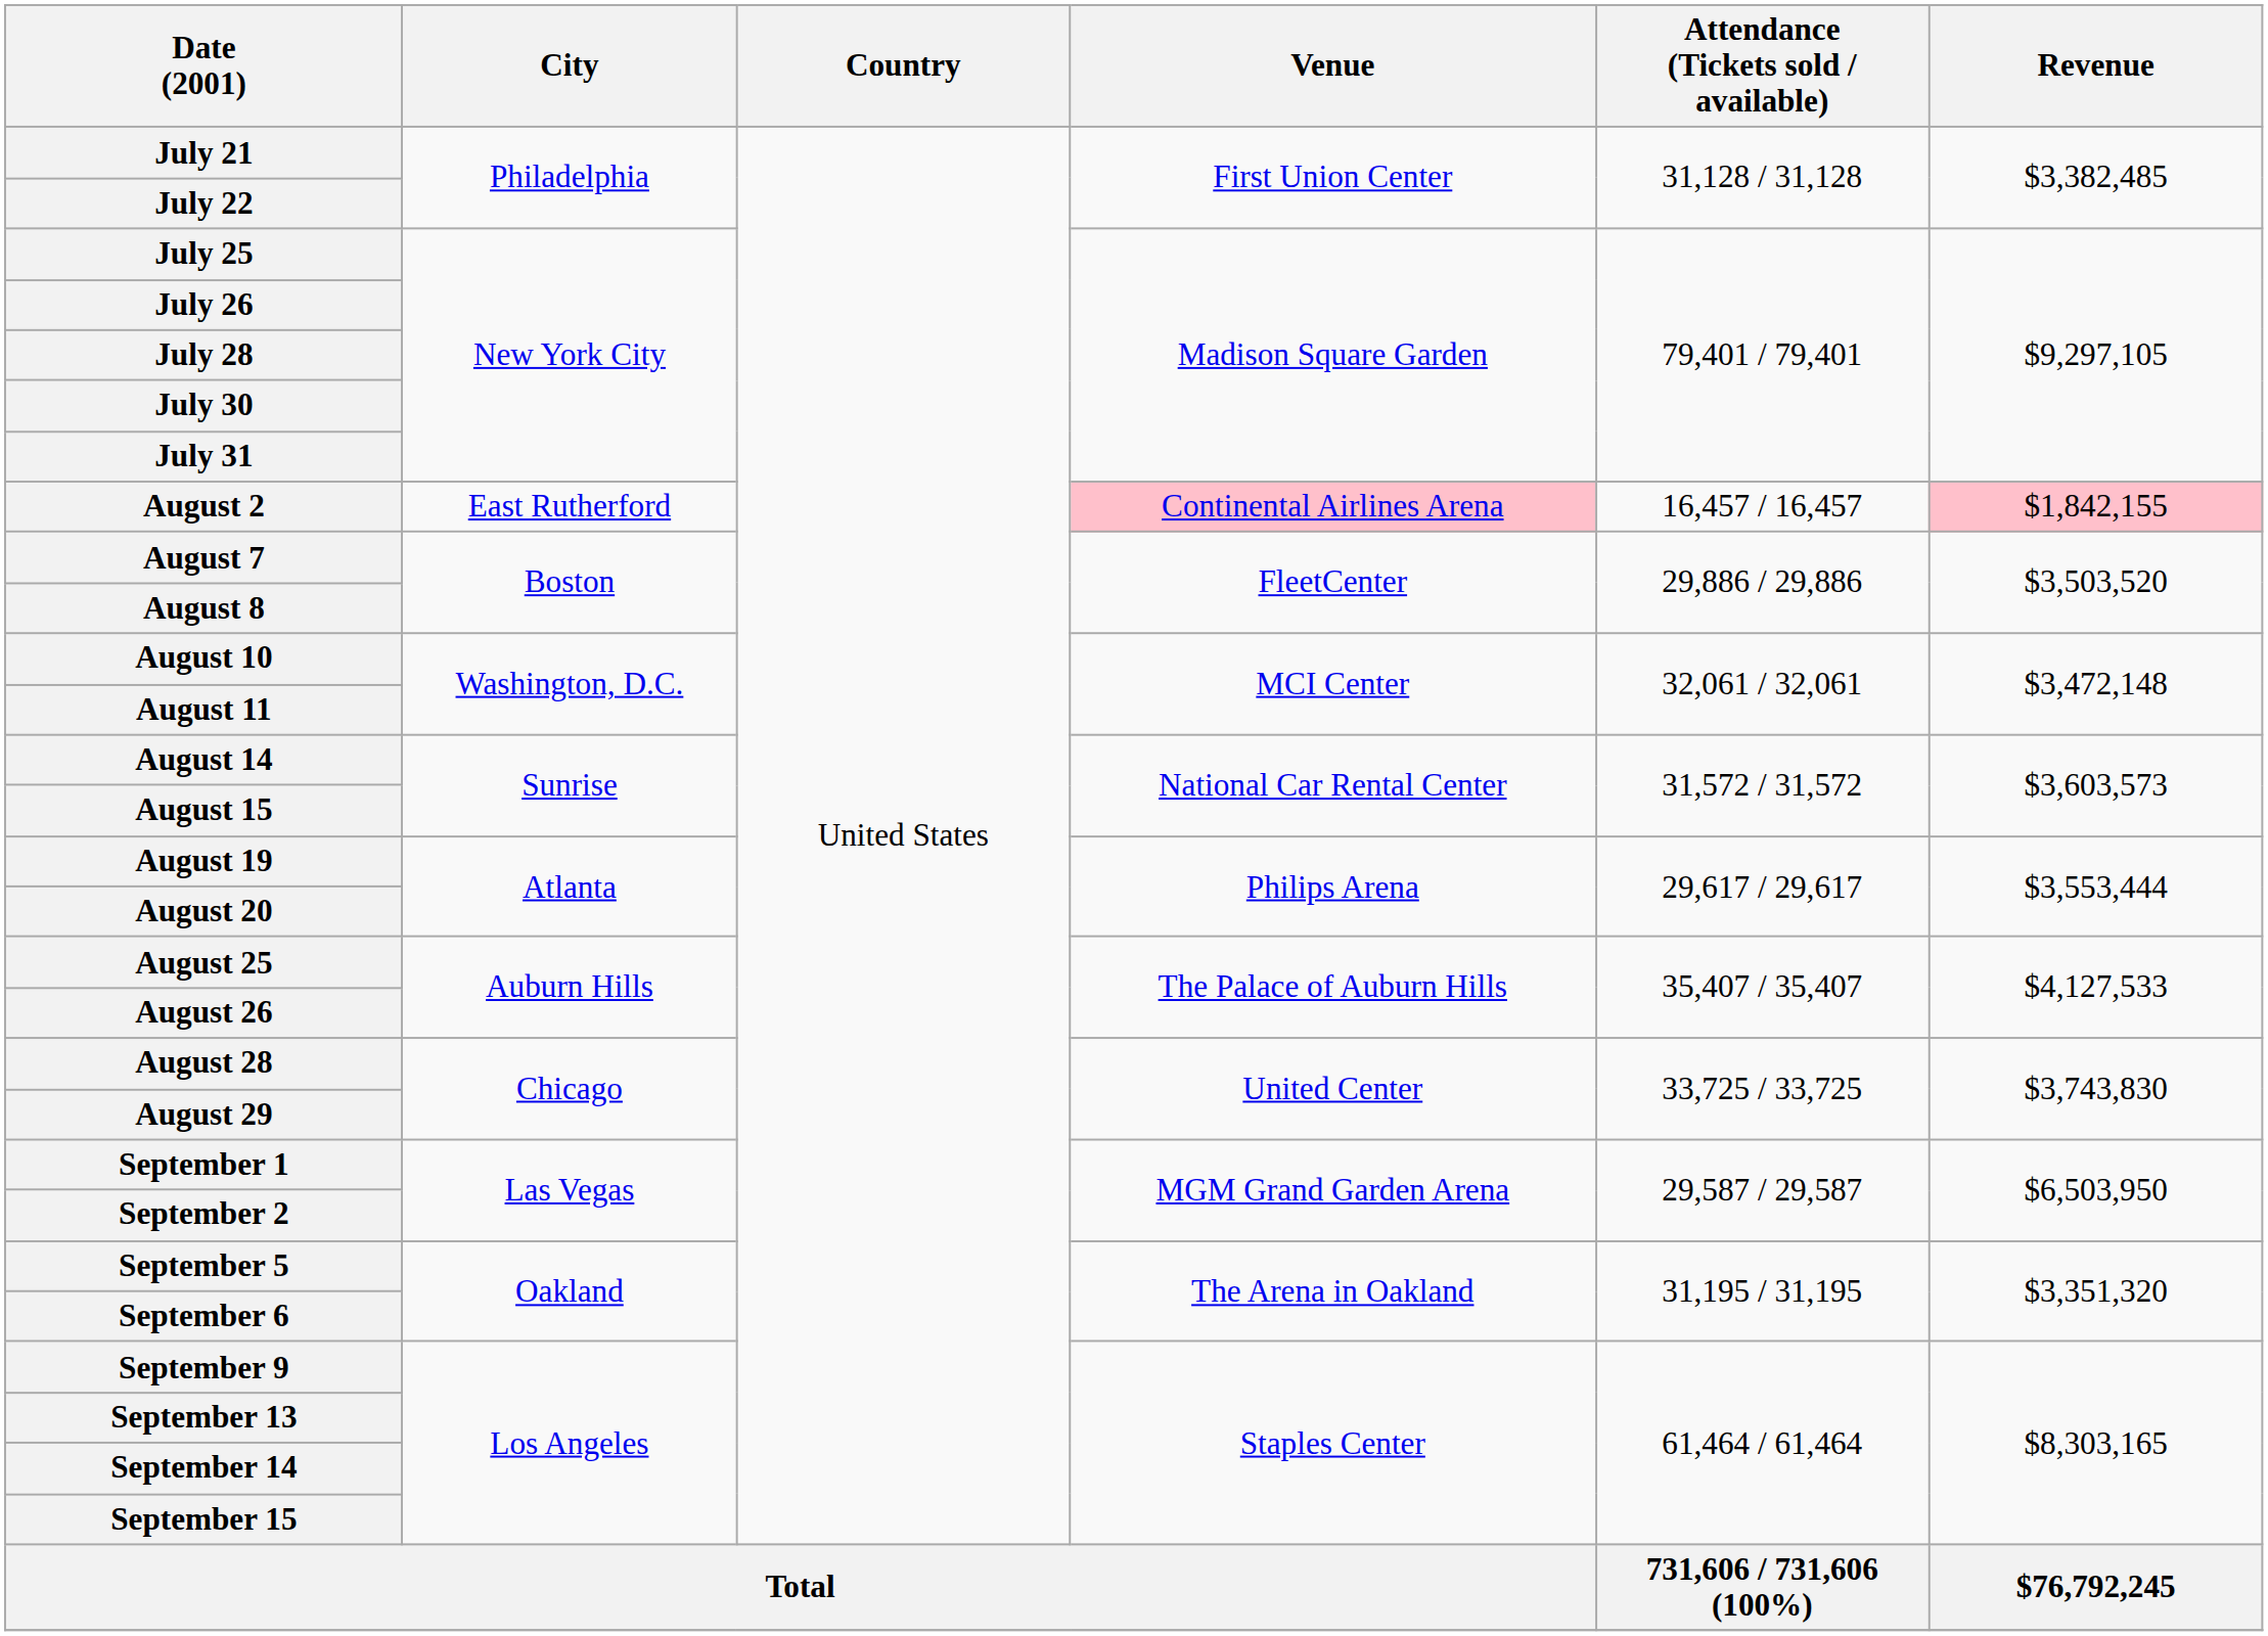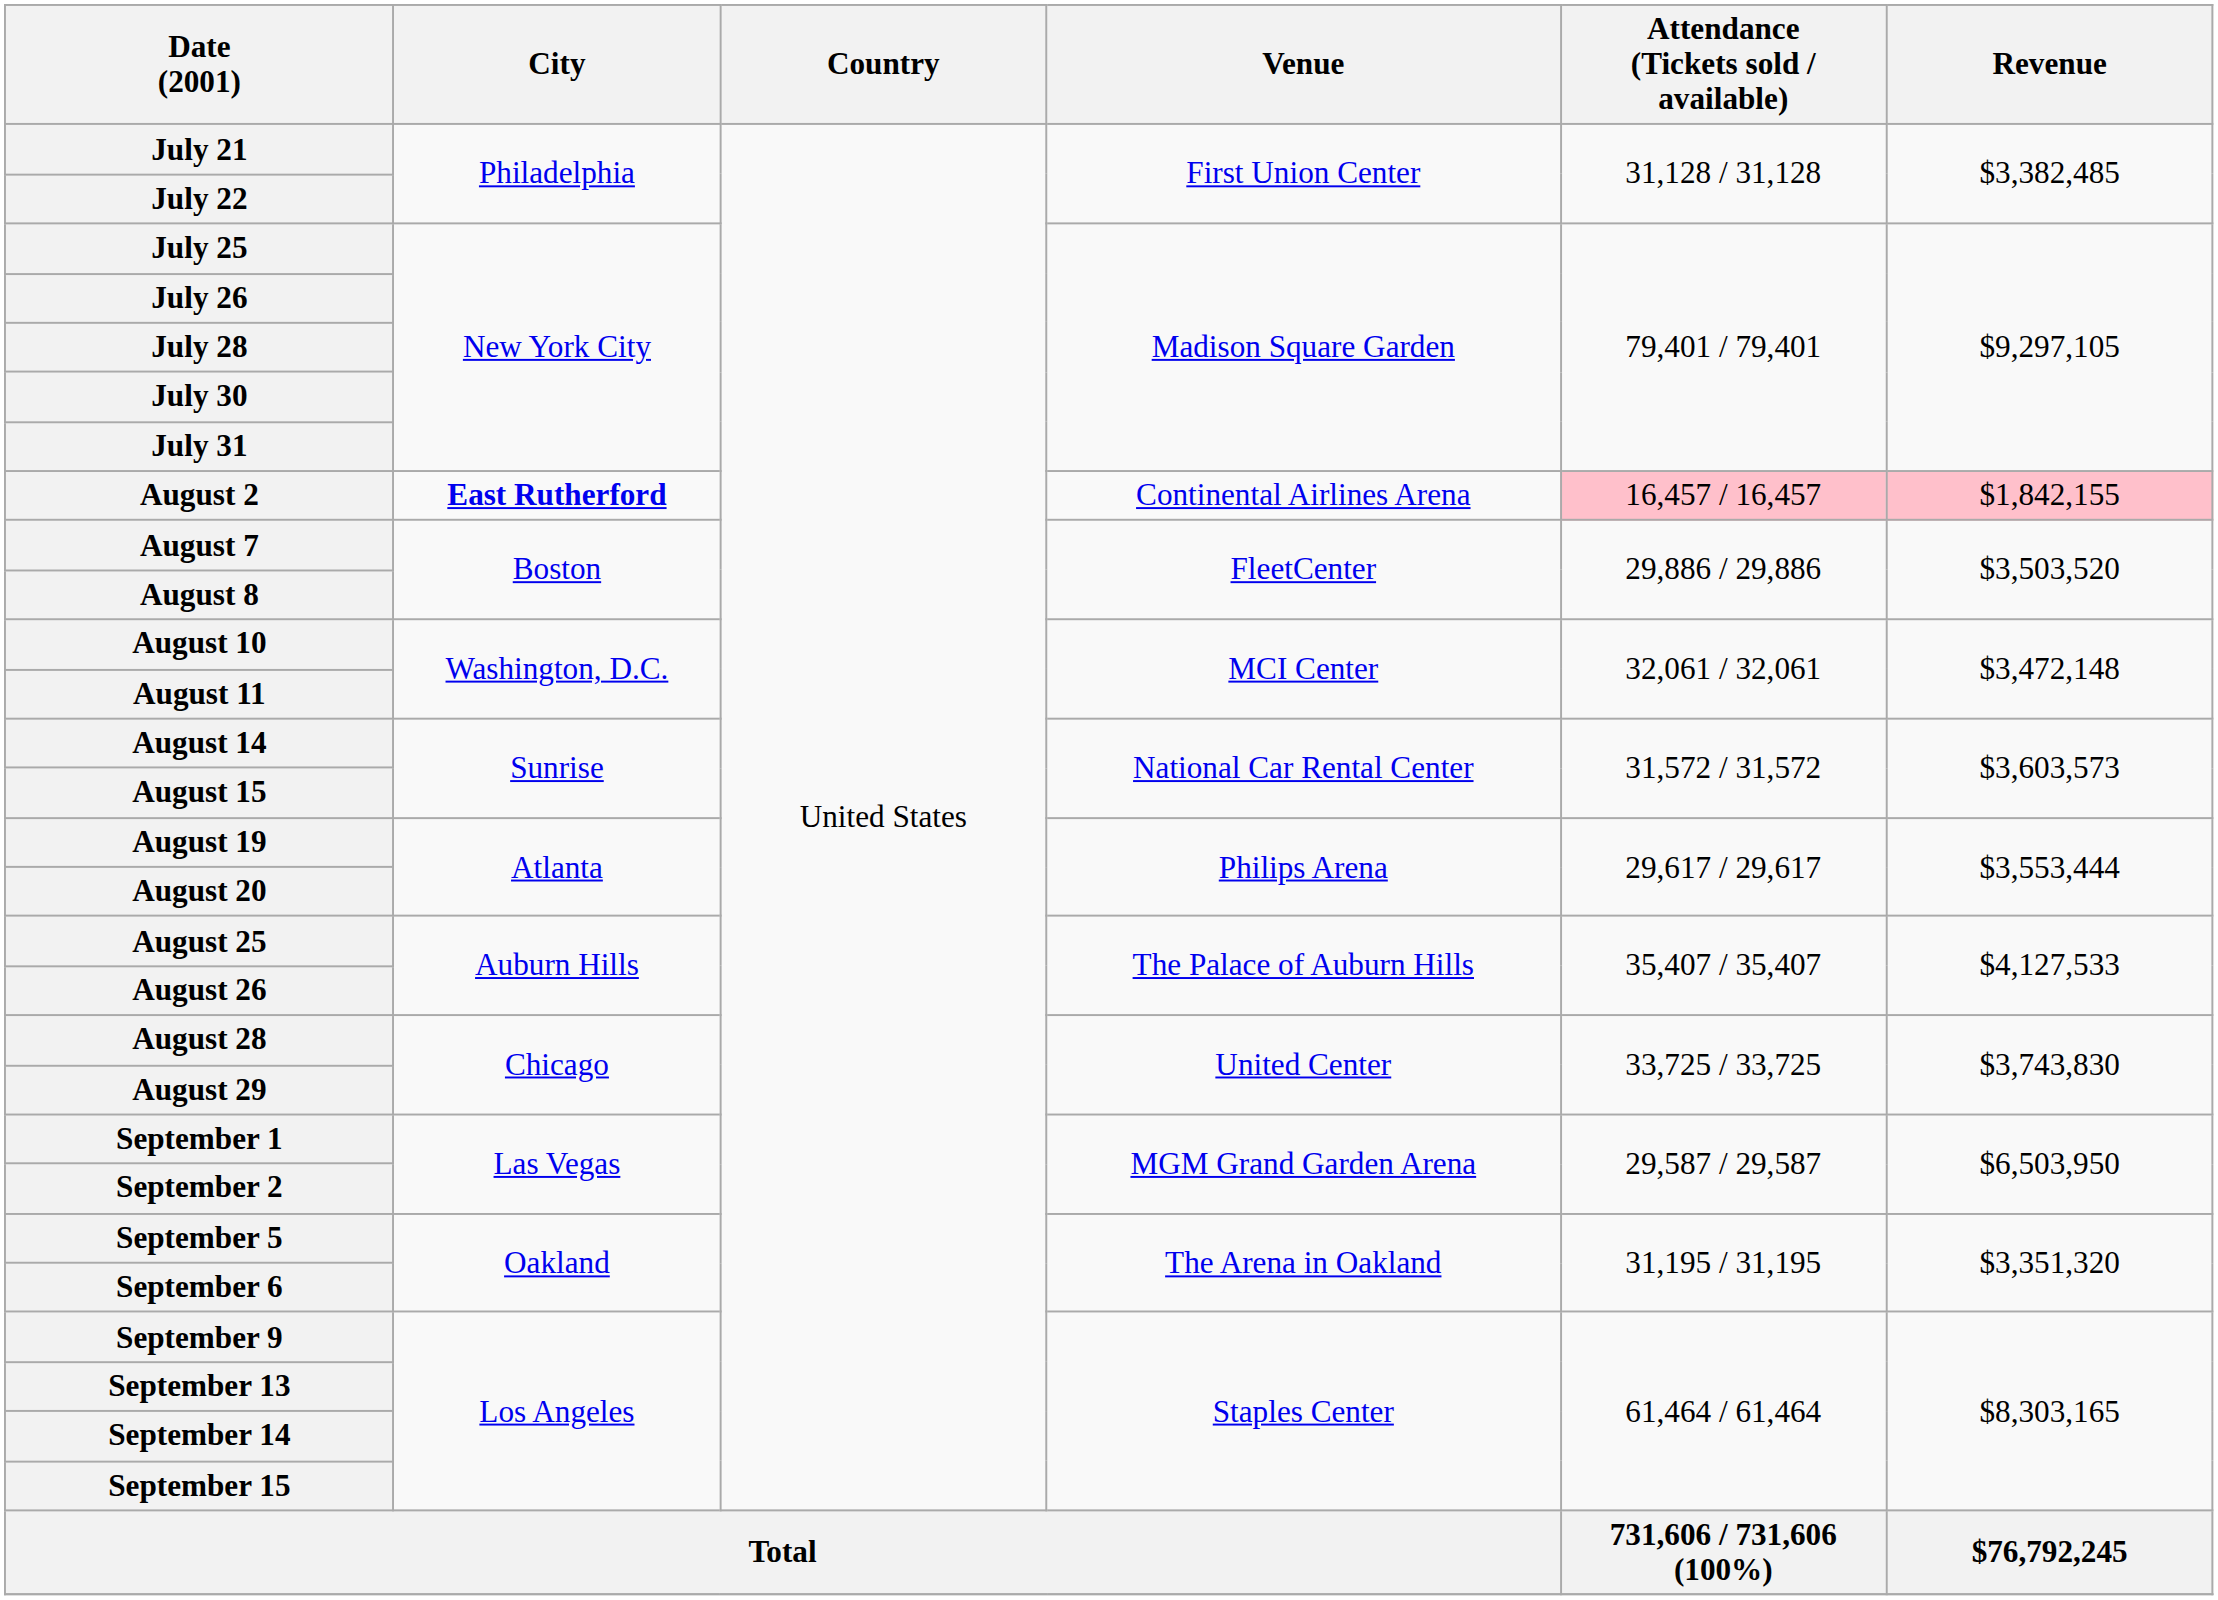 <table class="wikitable plainrowheaders" style="text-align:center;">
 <tr>
 <th scope="col" style="width:12em;">Date<br>(2001)</th>
 <th scope="col" style="width:10em;">City</th>
 <th scope="col" style="width:10em;">Country</th>
 <th scope="col" style="width:16em;">Venue</th>
 <th scope="col" style="width:10em;">Attendance<br>(Tickets sold / available)</th>
 <th scope="col" style="width:10em;">Revenue</th>
 </tr>
 <tr>
 <th scope="row" style="text-align:center;">July 21</th>
 <td rowspan="2"><a href='#'>Philadelphia</a></td>
 <td rowspan="28">United States</td>
 <td rowspan="2"><a href='#'>First Union Center</a></td>
 <td rowspan="2">31,128 / 31,128</td>
 <td rowspan="2">$3,382,485</td>
 </tr>
 <tr>
 <th scope="row" style="text-align:center;">July 22</th>
 </tr>
 <tr>
 <th scope="row" style="text-align:center;">July 25</th>
 <td rowspan="5"><a href='#'>New York City</a></td>
 <td rowspan="5"><a href='#'>Madison Square Garden</a></td>
 <td rowspan="5">79,401 / 79,401</td>
 <td rowspan="5">$9,297,105</td>
 </tr>
 <tr>
 <th scope="row" style="text-align:center;">July 26</th>
 </tr>
 <tr>
 <th scope="row" style="text-align:center;">July 28</th>
 </tr>
 <tr>
 <th scope="row" style="text-align:center;">July 30</th>
 </tr>
 <tr>
 <th scope="row" style="text-align:center;">July 31</th>
 </tr>
 <tr>
 <th scope="row" style="text-align:center;">August 2</th>
-<td><a href='#'>East Rutherford</a></td>
-<td style="background: pink;"><a href='#'>Continental Airlines Arena</a></td>
-<td>16,457 / 16,457</td>
+<td><strong><a href='#'>East Rutherford</a></strong></td>
+<td><a href='#'>Continental Airlines Arena</a></td>
+<td style="background: pink;">16,457 / 16,457</td>
 <td style="background: pink;">$1,842,155</td>
 </tr>
 <tr>
 <th scope="row" style="text-align:center;">August 7</th>
 <td rowspan="2"><a href='#'>Boston</a></td>
 <td rowspan="2"><a href='#'>FleetCenter</a></td>
 <td rowspan="2">29,886 / 29,886</td>
 <td rowspan="2">$3,503,520</td>
 </tr>
 <tr>
 <th scope="row" style="text-align:center;">August 8</th>
 </tr>
 <tr>
 <th scope="row" style="text-align:center;">August 10</th>
 <td rowspan="2"><a href='#'>Washington, D.C.</a></td>
 <td rowspan="2"><a href='#'>MCI Center</a></td>
 <td rowspan="2">32,061 / 32,061</td>
 <td rowspan="2">$3,472,148</td>
 </tr>
 <tr>
 <th scope="row" style="text-align:center;">August 11</th>
 </tr>
 <tr>
 <th scope="row" style="text-align:center;">August 14</th>
 <td rowspan="2"><a href='#'>Sunrise</a></td>
 <td rowspan="2"><a href='#'>National Car Rental Center</a></td>
 <td rowspan="2">31,572 / 31,572</td>
 <td rowspan="2">$3,603,573</td>
 </tr>
 <tr>
 <th scope="row" style="text-align:center;">August 15</th>
 </tr>
 <tr>
 <th scope="row" style="text-align:center;">August 19</th>
 <td rowspan="2"><a href='#'>Atlanta</a></td>
 <td rowspan="2"><a href='#'>Philips Arena</a></td>
 <td rowspan="2">29,617 / 29,617</td>
 <td rowspan="2">$3,553,444</td>
 </tr>
 <tr>
 <th scope="row" style="text-align:center;">August 20</th>
 </tr>
 <tr>
 <th scope="row" style="text-align:center;">August 25</th>
 <td rowspan="2"><a href='#'>Auburn Hills</a></td>
 <td rowspan="2"><a href='#'>The Palace of Auburn Hills</a></td>
 <td rowspan="2">35,407 / 35,407</td>
 <td rowspan="2">$4,127,533</td>
 </tr>
 <tr>
 <th scope="row" style="text-align:center;">August 26</th>
 </tr>
 <tr>
 <th scope="row" style="text-align:center;">August 28</th>
 <td rowspan="2"><a href='#'>Chicago</a></td>
 <td rowspan="2"><a href='#'>United Center</a></td>
 <td rowspan="2">33,725 / 33,725</td>
 <td rowspan="2">$3,743,830</td>
 </tr>
 <tr>
 <th scope="row" style="text-align:center;">August 29</th>
 </tr>
 <tr>
 <th scope="row" style="text-align:center;">September 1</th>
 <td rowspan="2"><a href='#'>Las Vegas</a></td>
 <td rowspan="2"><a href='#'>MGM Grand Garden Arena</a></td>
 <td rowspan="2">29,587 / 29,587</td>
 <td rowspan="2">$6,503,950</td>
 </tr>
 <tr>
 <th scope="row" style="text-align:center;">September 2</th>
 </tr>
 <tr>
 <th scope="row" style="text-align:center;">September 5</th>
 <td rowspan="2"><a href='#'>Oakland</a></td>
 <td rowspan="2"><a href='#'>The Arena in Oakland</a></td>
 <td rowspan="2">31,195 / 31,195</td>
 <td rowspan="2">$3,351,320</td>
 </tr>
 <tr>
 <th scope="row" style="text-align:center;">September 6</th>
 </tr>
 <tr>
 <th scope="row" style="text-align:center;">September 9</th>
 <td rowspan="4"><a href='#'>Los Angeles</a></td>
 <td rowspan="4"><a href='#'>Staples Center</a></td>
 <td rowspan="4">61,464 / 61,464</td>
 <td rowspan="4">$8,303,165</td>
 </tr>
 <tr>
 <th scope="row" style="text-align:center;">September 13</th>
 </tr>
 <tr>
 <th scope="row" style="text-align:center;">September 14</th>
 </tr>
 <tr>
 <th scope="row" style="text-align:center;">September 15</th>
 </tr>
 <tr>
 <th colspan="4">Total</th>
 <th scope="row" style="text-align:center;"><strong>731,606 / 731,606<br>(100%)</strong></th>
 <th scope="row" style="text-align:center;"><strong>$76,792,245</strong></th>
 </tr>
 <tr>
 </tr>
 </table>
